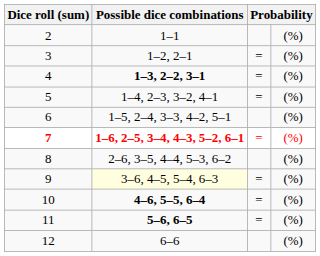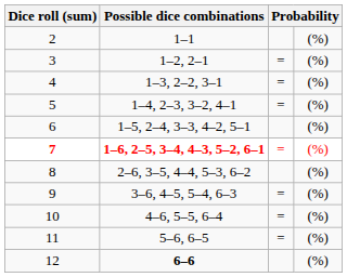 <table class="wikitable" style="text-align:center;">
 <tr>
 <th>Dice roll (sum)</th>
 <th>Possible dice combinations</th>
 <th colspan=2>Probability</th>
 </tr>
 <tr>
 <td>2</td>
 <td>1–1</td>
 <td></td>
 <td>(%)</td>
 </tr>
 <tr>
 <td>3</td>
 <td>1–2, 2–1</td>
 <td>=</td>
 <td>(%)</td>
 </tr>
 <tr>
 <td>4</td>
-<td><strong>1–3, 2–2, 3–1</strong></td>
+<td>1–3, 2–2, 3–1</td>
 <td>=</td>
 <td>(%)</td>
 </tr>
 <tr>
 <td>5</td>
 <td>1–4, 2–3, 3–2, 4–1</td>
 <td>=</td>
 <td>(%)</td>
 </tr>
 <tr>
 <td>6</td>
 <td>1–5, 2–4, 3–3, 4–2, 5–1</td>
 <td></td>
 <td>(%)</td>
 </tr>
 <tr style="background:white; color:red;">
 <td><strong>7</strong></td>
 <td><strong>1–6, 2–5, 3–4, 4–3, 5–2, 6–1</strong></td>
 <td>=</td>
 <td>(%)</td>
 </tr>
 <tr>
 <td>8</td>
 <td>2–6, 3–5, 4–4, 5–3, 6–2</td>
 <td></td>
 <td>(%)</td>
 </tr>
 <tr>
 <td>9</td>
-<td style="background: lightyellow;">3–6, 4–5, 5–4, 6–3</td>
+<td>3–6, 4–5, 5–4, 6–3</td>
 <td>=</td>
 <td>(%)</td>
 </tr>
 <tr>
 <td>10</td>
-<td><strong>4–6, 5–5, 6–4</strong></td>
+<td>4–6, 5–5, 6–4</td>
 <td>=</td>
 <td>(%)</td>
 </tr>
 <tr>
 <td>11</td>
-<td><strong>5–6, 6–5</strong></td>
+<td>5–6, 6–5</td>
 <td>=</td>
 <td>(%)</td>
 </tr>
 <tr>
 <td>12</td>
-<td>6–6</td>
+<td><strong>6–6</strong></td>
 <td></td>
 <td>(%)</td>
 </tr>
 </table>
